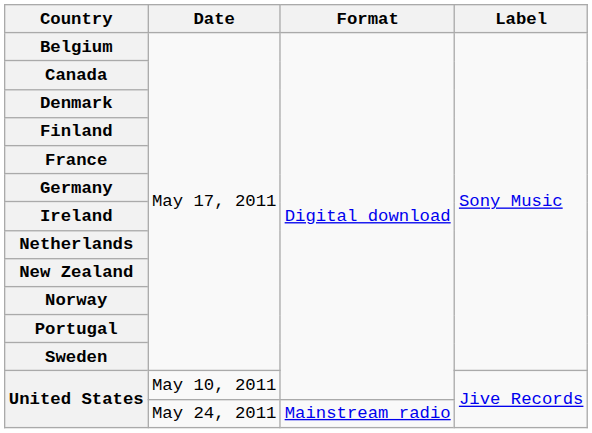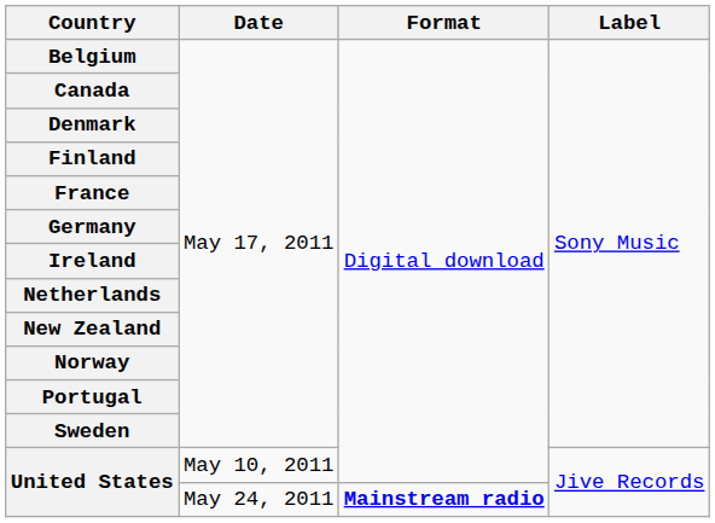 <table class="wikitable plainrowheaders">
 <tr>
 <th scope="col">Country</th>
 <th scope="col">Date</th>
 <th scope="col">Format</th>
 <th scope="col">Label</th>
 </tr>
 <tr>
 <th scope="row">Belgium</th>
 <td rowspan="12">May 17, 2011</td>
 <td rowspan="13"><a href='#'>Digital download</a></td>
 <td rowspan="12"><a href='#'>Sony Music</a></td>
 </tr>
 <tr>
 <th scope="row">Canada</th>
 </tr>
 <tr>
 <th scope="row">Denmark</th>
 </tr>
 <tr>
 <th scope="row">Finland</th>
 </tr>
 <tr>
 <th scope="row">France</th>
 </tr>
 <tr>
 <th scope="row">Germany</th>
 </tr>
 <tr>
 <th scope="row">Ireland</th>
 </tr>
 <tr>
 <th scope="row">Netherlands</th>
 </tr>
 <tr>
 <th scope="row">New Zealand</th>
 </tr>
 <tr>
 <th scope="row">Norway</th>
 </tr>
 <tr>
 <th scope="row">Portugal</th>
 </tr>
 <tr>
 <th scope="row">Sweden</th>
 </tr>
 <tr>
 <th scope="row" rowspan="2">United States</th>
 <td>May 10, 2011</td>
 <td rowspan="2"><a href='#'>Jive Records</a></td>
 </tr>
 <tr>
 <td>May 24, 2011</td>
-<td><a href='#'>Mainstream radio</a></td>
+<td><strong><a href='#'>Mainstream radio</a></strong></td>
 </tr>
 </table>
